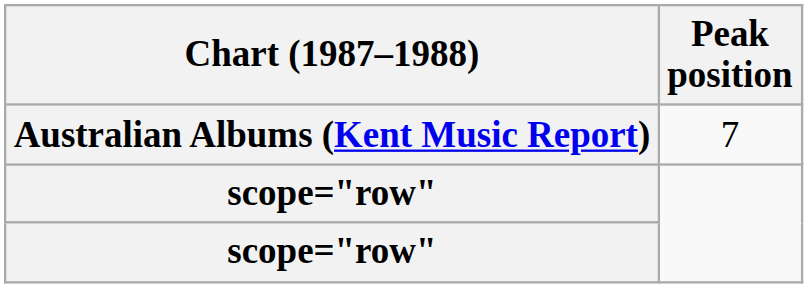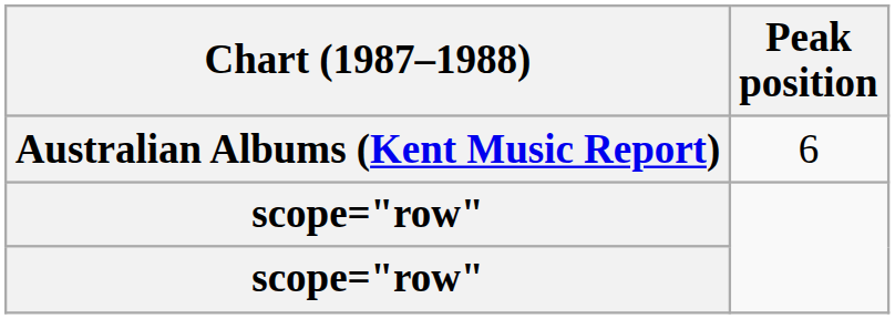 <table class="wikitable sortable plainrowheaders">
 <tr>
 <th scope="col">Chart (1987–1988)</th>
 <th scope="col">Peak<br>position</th>
 </tr>
 <tr>
 <th scope="row">Australian Albums (<a href='#'>Kent Music Report</a>)</th>
-<td align="center">7</td>
+<td align="center">6</td>
 </tr>
 <tr>
 <th>scope="row"</th>
 </tr>
 <tr>
 <th>scope="row"</th>
 </tr>
 </table>
